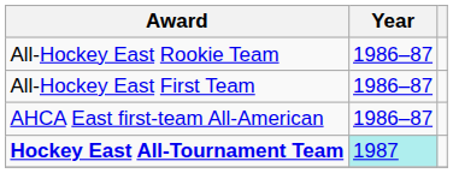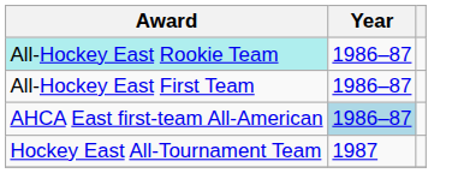 <table class="wikitable">
 <tr>
 <th>Award</th>
 <th>Year</th>
 <th></th>
 </tr>
 <tr>
-<td>All-<a href='#'>Hockey East</a> <a href='#'>Rookie Team</a></td>
+<td style="background: paleturquoise;">All-<a href='#'>Hockey East</a> <a href='#'>Rookie Team</a></td>
 <td><a href='#'>1986–87</a></td>
 <td></td>
 </tr>
 <tr>
 <td>All-<a href='#'>Hockey East</a> <a href='#'>First Team</a></td>
 <td><a href='#'>1986–87</a></td>
 <td></td>
 </tr>
 <tr>
 <td><a href='#'>AHCA</a> <a href='#'>East first-team All-American</a></td>
-<td><a href='#'>1986–87</a></td>
+<td style="background: lightblue;"><a href='#'>1986–87</a></td>
 <td></td>
 </tr>
 <tr>
-<td><strong><a href='#'>Hockey East</a> <a href='#'>All-Tournament Team</a></strong></td>
-<td style="background: paleturquoise;"><a href='#'>1987</a></td>
+<td><a href='#'>Hockey East</a> <a href='#'>All-Tournament Team</a></td>
+<td><a href='#'>1987</a></td>
 <td></td>
 </tr>
 <tr>
 </tr>
 </table>
